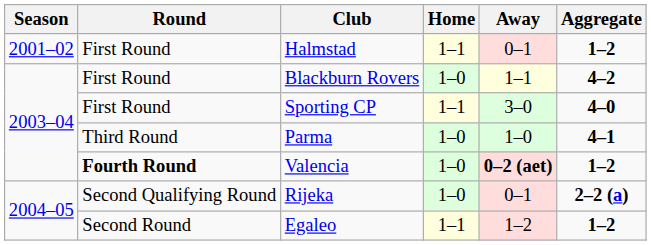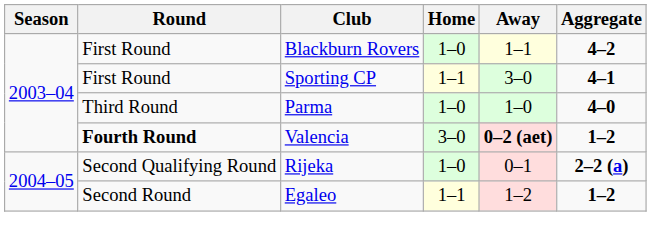 <table class="wikitable">
 <tr>
 <th>Season</th>
 <th>Round</th>
 <th>Club</th>
 <th>Home</th>
 <th>Away</th>
 <th>Aggregate</th>
-</tr>
-<tr>
-<td><a href='#'>2001–02</a></td>
-<td>First Round</td>
-<td> <a href='#'>Halmstad</a></td>
-<td style="text-align:center; background:#ffd;">1–1</td>
-<td style="text-align:center; background:#fdd;">0–1</td>
-<td style="text-align:center;"><strong>1–2</strong></td>
 </tr>
 <tr>
 <td rowspan="4"><a href='#'>2003–04</a></td>
 <td>First Round</td>
 <td> <a href='#'>Blackburn Rovers</a></td>
 <td style="text-align:center; background:#dfd;">1–0</td>
 <td style="text-align:center; background:#ffd;">1–1</td>
 <td style="text-align:center;"><strong>4–2</strong></td>
 </tr>
 <tr>
 <td>First Round</td>
 <td> <a href='#'>Sporting CP</a></td>
 <td style="text-align:center; background:#ffd;">1–1</td>
 <td style="text-align:center; background:#dfd;">3–0</td>
-<td style="text-align:center;"><strong>4–0</strong></td>
+<td style="text-align:center;"><strong>4–1</strong></td>
 </tr>
 <tr>
 <td>Third Round</td>
 <td> <a href='#'>Parma</a></td>
 <td style="text-align:center; background:#dfd;">1–0</td>
 <td style="text-align:center; background:#dfd;">1–0</td>
-<td style="text-align:center;"><strong>4–1</strong></td>
+<td style="text-align:center;"><strong>4–0</strong></td>
 </tr>
 <tr>
 <td><strong>Fourth Round</strong></td>
 <td> <a href='#'>Valencia</a></td>
-<td style="text-align:center; background:#dfd;">1–0</td>
+<td style="text-align:center; background:#dfd;">3–0</td>
 <td style="text-align:center; background:#fdd;"><strong>0–2 (aet)</strong></td>
 <td style="text-align:center;"><strong>1–2</strong></td>
 </tr>
 <tr>
 <td rowspan="2"><a href='#'>2004–05</a></td>
 <td>Second Qualifying Round</td>
 <td> <a href='#'>Rijeka</a></td>
 <td style="text-align:center; background:#dfd;">1–0</td>
 <td style="text-align:center; background:#fdd;">0–1</td>
 <td style="text-align:center;"><strong>2–2 (<a href='#'>a</a>)</strong></td>
 </tr>
 <tr>
 <td>Second Round</td>
 <td> <a href='#'>Egaleo</a></td>
 <td style="text-align:center; background:#ffd;">1–1</td>
 <td style="text-align:center; background:#fdd;">1–2</td>
 <td style="text-align:center;"><strong>1–2</strong></td>
 </tr>
 </table>
